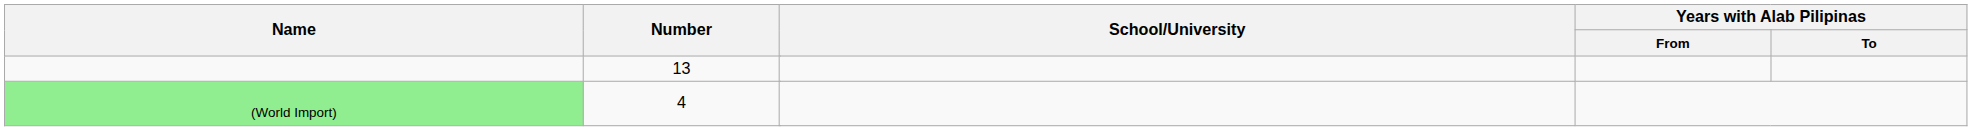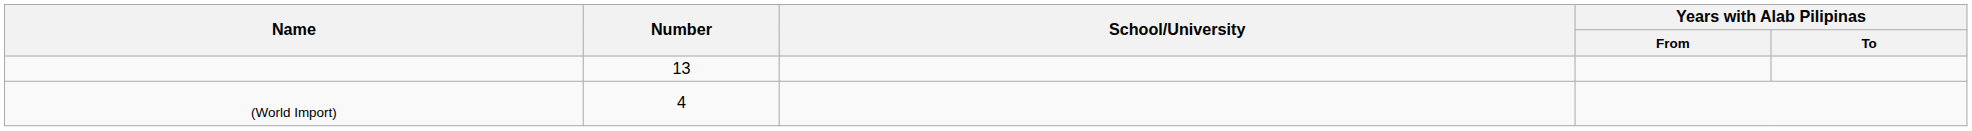 <table class="wikitable sortable" style="text-align:center" width="98%">
 <tr>
 <th style="width:180px;" rowspan="2">Name</th>
 <th style="width:10%;" colspan="2" rowspan="2">Number</th>
 <th style="width:250px;" rowspan="2">School/University</th>
 <th style="width:180px; text-align:center;" colspan="2">Years with Alab Pilipinas</th>
 </tr>
 <tr>
 <th style="width:10%; text-align:center;"><small>From</small></th>
 <th style="width:10%; text-align:center;"><small>To</small></th>
 </tr>
 <tr>
 <td></td>
 <td colspan="2">13</td>
 <td></td>
 <td></td>
 <td></td>
 </tr>
 <tr>
-<td style="background: lightgreen;"><br><small>(World Import)</small></td>
+<td><br><small>(World Import)</small></td>
 <td colspan="2">4</td>
 <td></td>
 <td colspan="2"></td>
 </tr>
 </table>
